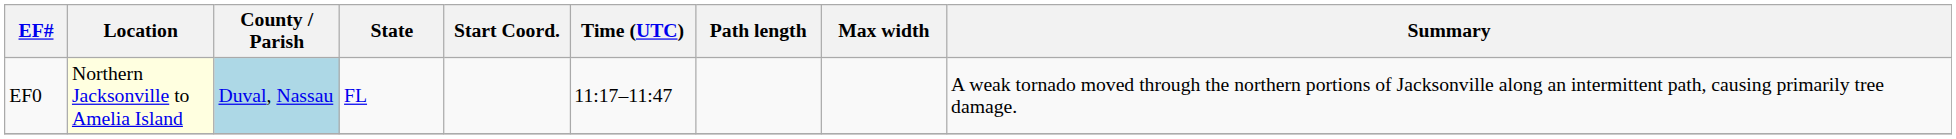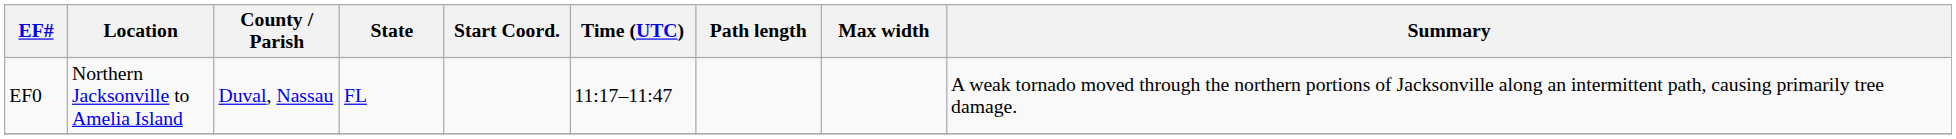 <table class="wikitable sortable" style="width:100%;">
 <tr>
 <th scope="col"  style="width:3%; text-align:center;"><a href='#'>EF#</a></th>
 <th scope="col"  style="width:7%; text-align:center;" class="unsortable">Location</th>
 <th scope="col"  style="width:6%; text-align:center;" class="unsortable">County / Parish</th>
 <th scope="col"  style="width:5%; text-align:center;">State</th>
 <th scope="col"  style="width:6%; text-align:center;">Start Coord.</th>
 <th scope="col"  style="width:6%; text-align:center;">Time (<a href='#'>UTC</a>)</th>
 <th scope="col"  style="width:6%; text-align:center;">Path length</th>
 <th scope="col"  style="width:6%; text-align:center;">Max width</th>
 <th scope="col" class="unsortable" style="width:48%; text-align:center;">Summary</th>
 </tr>
 <tr>
 <td>EF0</td>
-<td style="background: lightyellow;">Northern <a href='#'>Jacksonville</a> to <a href='#'>Amelia Island</a></td>
-<td style="background: lightblue;"><a href='#'>Duval</a>, <a href='#'>Nassau</a></td>
+<td>Northern <a href='#'>Jacksonville</a> to <a href='#'>Amelia Island</a></td>
+<td><a href='#'>Duval</a>, <a href='#'>Nassau</a></td>
 <td><a href='#'>FL</a></td>
 <td></td>
 <td>11:17–11:47</td>
 <td></td>
 <td></td>
 <td>A weak tornado moved through the northern portions of Jacksonville along an intermittent path, causing primarily tree damage.</td>
 </tr>
 <tr>
 </tr>
 </table>
